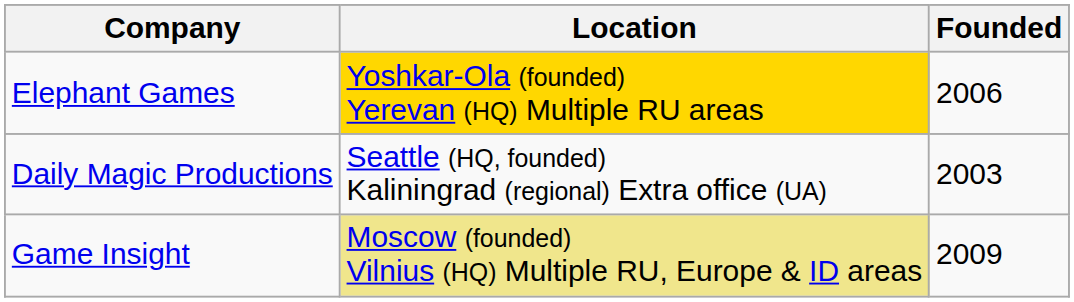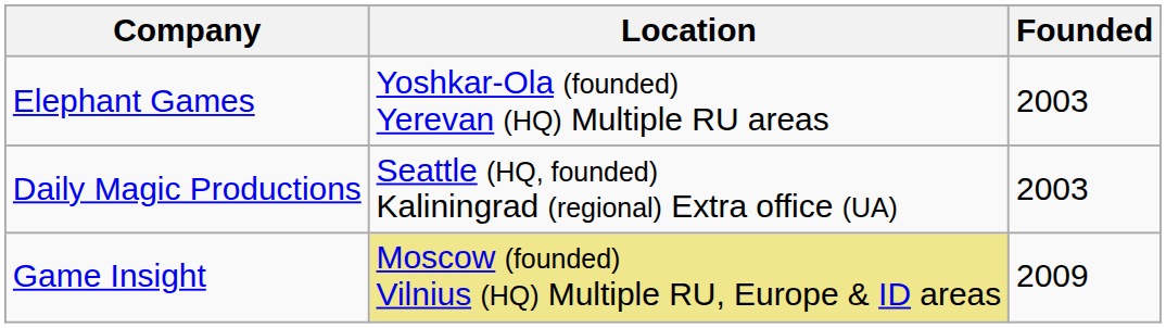 <table class="wikitable sortable mw-collapsible">
 <tr>
 <th>Company</th>
 <th>Location</th>
 <th>Founded</th>
 </tr>
 <tr>
 <td><a href='#'>Elephant Games</a></td>
-<td style="background: gold;"><a href='#'>Yoshkar-Ola</a> <small>(founded)</small><br><a href='#'>Yerevan</a> <small>(HQ)</small> Multiple RU areas</td>
-<td>2006</td>
+<td><a href='#'>Yoshkar-Ola</a> <small>(founded)</small><br><a href='#'>Yerevan</a> <small>(HQ)</small> Multiple RU areas</td>
+<td>2003</td>
 </tr>
 <tr>
 <td><a href='#'>Daily Magic Productions</a></td>
 <td><a href='#'>Seattle</a> <small>(HQ, founded)</small><br>Kaliningrad <small>(regional)</small> Extra office <small>(UA)</small></td>
 <td>2003</td>
 </tr>
 <tr>
 <td><a href='#'>Game Insight</a></td>
 <td style="background: khaki;"><a href='#'>Moscow</a> <small>(founded)</small><br><a href='#'>Vilnius</a> <small>(HQ)</small> Multiple RU, Europe & <a href='#'>ID</a> areas</td>
 <td>2009</td>
 </tr>
 </table>
